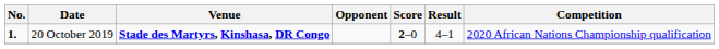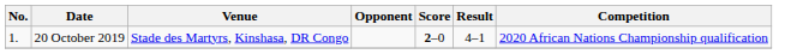 <table class="wikitable">
 <tr>
 <th>No.</th>
 <th>Date</th>
 <th>Venue</th>
 <th>Opponent</th>
 <th>Score</th>
 <th>Result</th>
 <th>Competition</th>
 </tr>
 <tr>
-<td><strong>1.</strong></td>
+<td>1.</td>
 <td>20 October 2019</td>
-<td><strong><a href='#'>Stade des Martyrs</a>, <a href='#'>Kinshasa</a>, <a href='#'>DR Congo</a></strong></td>
+<td><a href='#'>Stade des Martyrs</a>, <a href='#'>Kinshasa</a>, <a href='#'>DR Congo</a></td>
 <td></td>
 <td align=center><strong>2</strong>–0</td>
 <td align=center>4–1</td>
 <td><a href='#'>2020 African Nations Championship qualification</a></td>
 </tr>
 <tr>
 </tr>
 </table>
